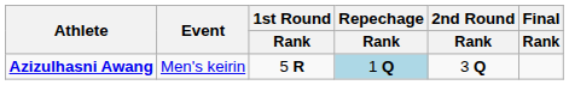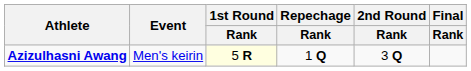 <table class="wikitable" style="font-size:90%">
 <tr>
 <th rowspan=2>Athlete</th>
 <th rowspan=2>Event</th>
 <th>1st Round</th>
 <th>Repechage</th>
 <th>2nd Round</th>
 <th>Final</th>
 </tr>
 <tr style="font-size:95%">
 <th>Rank</th>
 <th>Rank</th>
 <th>Rank</th>
 <th>Rank</th>
 </tr>
 <tr align=center>
 <td align=left><strong><a href='#'>Azizulhasni Awang</a></strong></td>
 <td align=left><a href='#'>Men's keirin</a></td>
-<td>5 <strong>R</strong></td>
-<td style="background: lightblue;">1 <strong>Q</strong></td>
+<td style="background: lightyellow;">5 <strong>R</strong></td>
+<td>1 <strong>Q</strong></td>
 <td>3 <strong>Q</strong></td>
 <td></td>
 </tr>
 </table>
